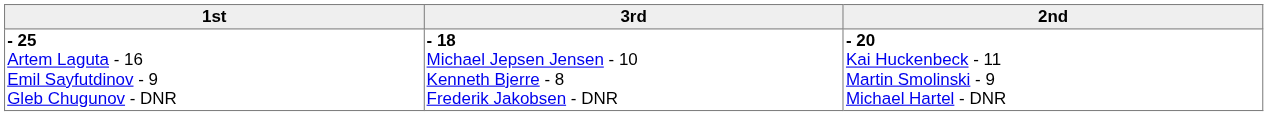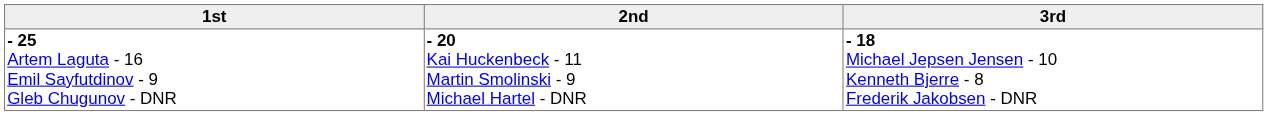 <table border="1" cellpadding="2" cellspacing="0"  style="width:75%; border-collapse:collapse;">
 <tr style="text-align:left; background:#efefef;">
 <th width=15% align=center >1st</th>
+<th width=15% align=center >2nd</th>
 <th width=15% align=center >3rd</th>
-<th width=15% align=center >2nd</th>
 </tr>
 <tr align=left>
 <td valign=top align=left ><strong> - 25</strong><br><a href='#'>Artem Laguta</a> - 16<br><a href='#'>Emil Sayfutdinov</a> - 9<br><a href='#'>Gleb Chugunov</a> - DNR</td>
+<td valign=top align=left ><strong> - 20</strong><br><a href='#'>Kai Huckenbeck</a> - 11<br><a href='#'>Martin Smolinski</a> - 9<br><a href='#'>Michael Hartel</a> - DNR</td>
 <td valign=top align=left ><strong> - 18</strong><br><a href='#'>Michael Jepsen Jensen</a> - 10<br><a href='#'>Kenneth Bjerre</a> - 8<br><a href='#'>Frederik Jakobsen</a> - DNR</td>
-<td valign=top align=left ><strong> - 20</strong><br><a href='#'>Kai Huckenbeck</a> - 11<br><a href='#'>Martin Smolinski</a> - 9<br><a href='#'>Michael Hartel</a> - DNR</td>
 </tr>
 </table>
